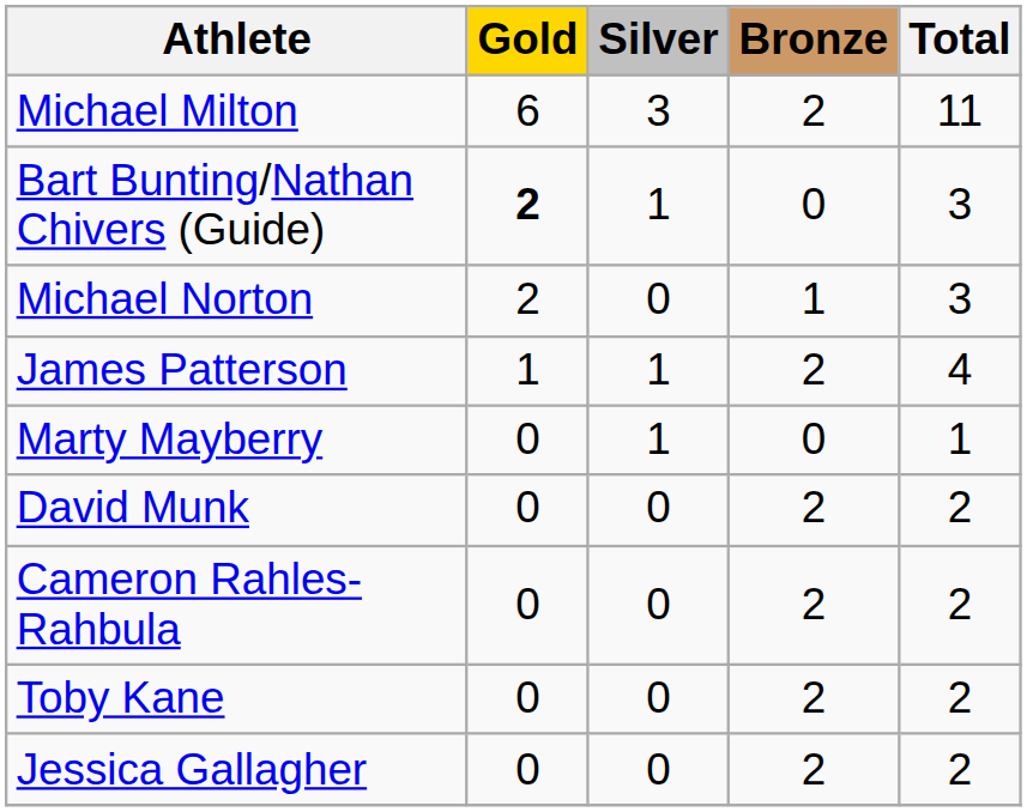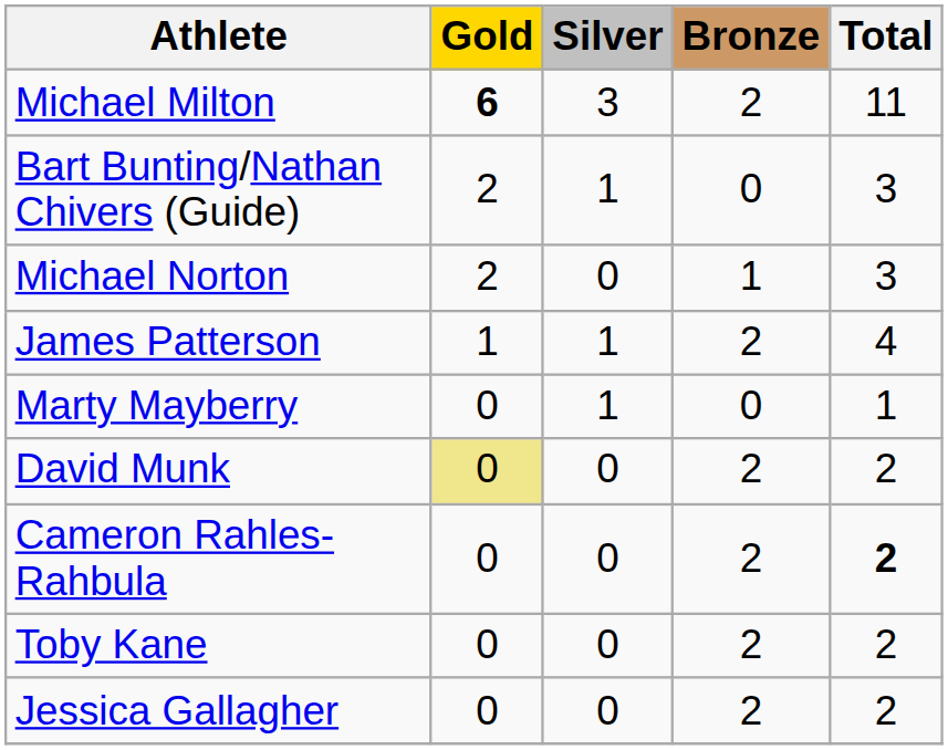 <table class="wikitable sortable plainrowheaders" border="1" style="text-align:center;">
 <tr>
 <th scope="col" style="width:10em;">Athlete</th>
 <th scope="col" style="background-color:gold; font-weight:bold;">Gold</th>
 <th scope="col" style="background-color:silver; font-weight:bold;">Silver</th>
 <th scope="col" style="background-color:#cc9966; font-weight:bold;">Bronze</th>
 <th scope="col">Total</th>
 </tr>
 <tr>
 <td align=left><a href='#'>Michael Milton</a></td>
-<td>6</td>
+<td><strong>6</strong></td>
 <td>3</td>
 <td>2</td>
 <td>11</td>
 </tr>
 <tr>
 <td align=left><a href='#'>Bart Bunting</a>/<a href='#'>Nathan Chivers</a> (Guide)</td>
-<td><strong>2</strong></td>
+<td>2</td>
 <td>1</td>
 <td>0</td>
 <td>3</td>
 </tr>
 <tr>
 <td align=left><a href='#'>Michael Norton</a></td>
 <td>2</td>
 <td>0</td>
 <td>1</td>
 <td>3</td>
 </tr>
 <tr>
 <td align=left><a href='#'>James Patterson</a></td>
 <td>1</td>
 <td>1</td>
 <td>2</td>
 <td>4</td>
 </tr>
 <tr>
 <td align=left><a href='#'>Marty Mayberry</a></td>
 <td>0</td>
 <td>1</td>
 <td>0</td>
 <td>1</td>
 </tr>
 <tr>
 <td align=left><a href='#'>David Munk</a></td>
-<td>0</td>
+<td style="background: khaki;">0</td>
 <td>0</td>
 <td>2</td>
 <td>2</td>
 </tr>
 <tr>
 <td align=left><a href='#'>Cameron Rahles-Rahbula</a></td>
 <td>0</td>
 <td>0</td>
 <td>2</td>
-<td>2</td>
+<td><strong>2</strong></td>
 </tr>
 <tr>
 <td align=left><a href='#'>Toby Kane</a></td>
 <td>0</td>
 <td>0</td>
 <td>2</td>
 <td>2</td>
 </tr>
 <tr>
 <td align=left><a href='#'>Jessica Gallagher</a></td>
 <td>0</td>
 <td>0</td>
 <td>2</td>
 <td>2</td>
 </tr>
 <tr>
 </tr>
 </table>
